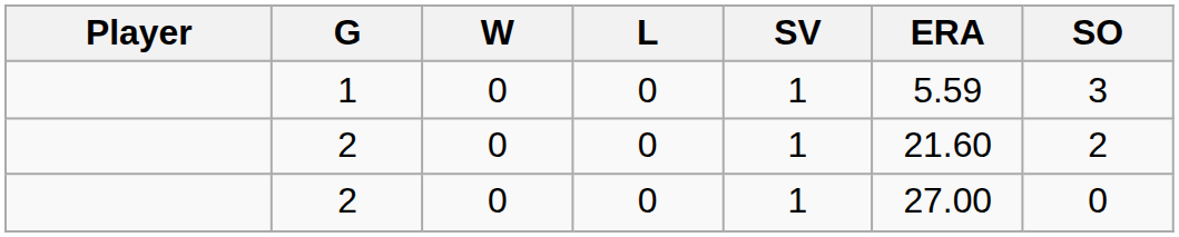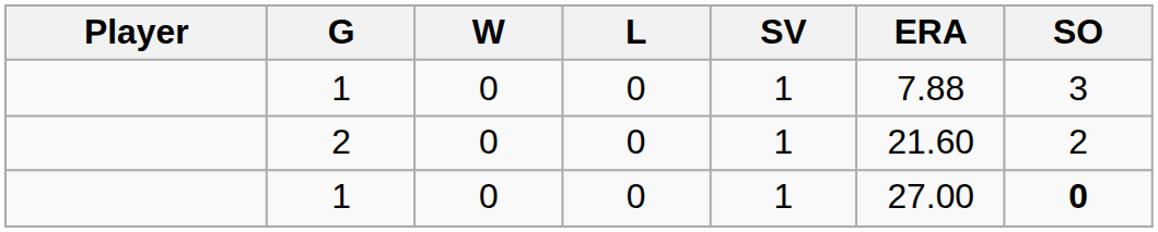 <table class="wikitable sortable">
 <tr>
 <th bgcolor="#DDDDFF" width="16%">Player</th>
 <th bgcolor="#DDDDFF" width="9%">G</th>
 <th bgcolor="#DDDDFF" width="9%">W</th>
 <th bgcolor="#DDDDFF" width="9%">L</th>
 <th bgcolor="#DDDDFF" width="9%">SV</th>
 <th bgcolor="#DDDDFF" width="9%">ERA</th>
 <th bgcolor="#DDDDFF" width="9%">SO</th>
 </tr>
 <tr align="center">
 <td></td>
 <td>1</td>
 <td>0</td>
 <td>0</td>
 <td>1</td>
-<td>5.59</td>
+<td>7.88</td>
 <td>3</td>
 </tr>
 <tr align="center">
 <td></td>
 <td>2</td>
 <td>0</td>
 <td>0</td>
 <td>1</td>
 <td>21.60</td>
 <td>2</td>
 </tr>
 <tr align="center">
 <td></td>
-<td>2</td>
+<td>1</td>
 <td>0</td>
 <td>0</td>
 <td>1</td>
 <td>27.00</td>
-<td>0</td>
+<td><strong>0</strong></td>
 </tr>
 </table>
